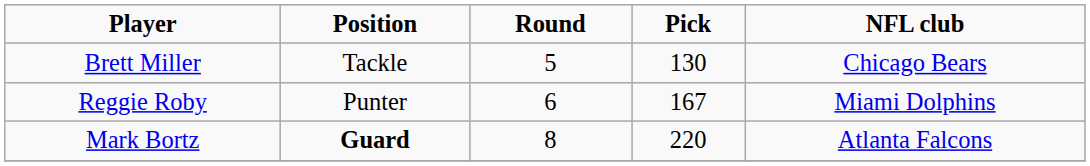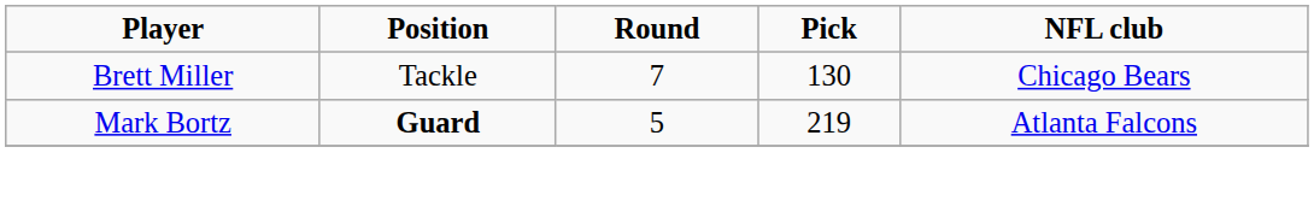 <table class="wikitable" width="80%">
 <tr align="center">
 <td><strong>Player</strong></td>
 <td><strong>Position</strong></td>
 <td><strong>Round</strong></td>
 <td><strong>Pick</strong></td>
 <td><strong>NFL club</strong></td>
 </tr>
 <tr align="center" bgcolor="">
 <td><a href='#'>Brett Miller</a></td>
 <td>Tackle</td>
-<td>5</td>
+<td>7</td>
 <td>130</td>
 <td><a href='#'>Chicago Bears</a></td>
 </tr>
 <tr align="center" bgcolor="">
-<td><a href='#'>Reggie Roby</a></td>
-<td>Punter</td>
-<td>6</td>
-<td>167</td>
-<td><a href='#'>Miami Dolphins</a></td>
-</tr>
-<tr align="center" bgcolor="">
 <td><a href='#'>Mark Bortz</a></td>
 <td><strong>Guard</strong></td>
-<td>8</td>
-<td>220</td>
+<td>5</td>
+<td>219</td>
 <td><a href='#'>Atlanta Falcons</a></td>
 </tr>
 <tr align="center" bgcolor="">
 </tr>
 </table>
